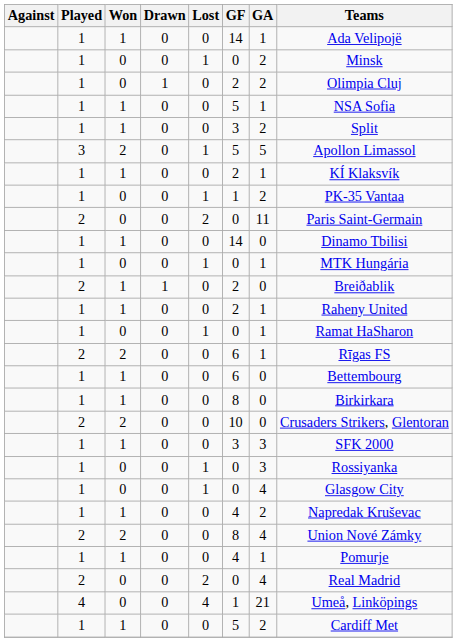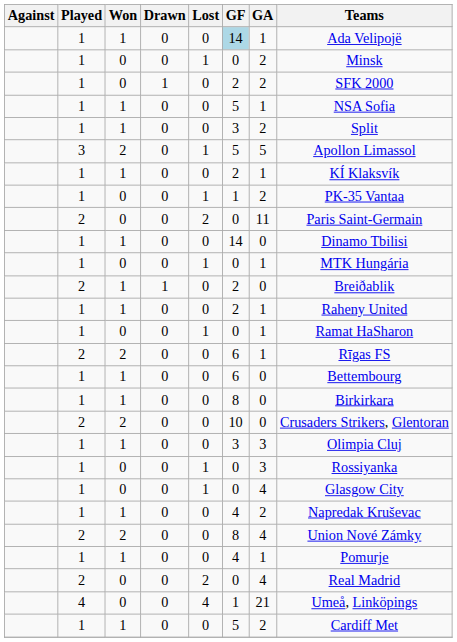 <table class="wikitable sortable" style="font-size:100%; text-align:center;">
 <tr>
 <th>Against</th>
 <th>Played</th>
 <th>Won</th>
 <th>Drawn</th>
 <th>Lost</th>
 <th>GF</th>
 <th>GA</th>
 <th>Teams</th>
 </tr>
 <tr>
 <td style="text-align:left;"></td>
 <td>1</td>
 <td>1</td>
 <td>0</td>
 <td>0</td>
-<td>14</td>
+<td style="background: lightblue;">14</td>
 <td>1</td>
 <td><a href='#'>Ada Velipojë</a></td>
 </tr>
 <tr>
 <td style="text-align:left;"></td>
 <td>1</td>
 <td>0</td>
 <td>0</td>
 <td>1</td>
 <td>0</td>
 <td>2</td>
 <td><a href='#'>Minsk</a></td>
 </tr>
 <tr>
 <td style="text-align:left;"></td>
 <td>1</td>
 <td>0</td>
 <td>1</td>
 <td>0</td>
 <td>2</td>
 <td>2</td>
-<td><a href='#'>Olimpia Cluj</a></td>
+<td><a href='#'>SFK 2000</a></td>
 </tr>
 <tr>
 <td style="text-align:left;"></td>
 <td>1</td>
 <td>1</td>
 <td>0</td>
 <td>0</td>
 <td>5</td>
 <td>1</td>
 <td><a href='#'>NSA Sofia</a></td>
 </tr>
 <tr>
 <td style="text-align:left;"></td>
 <td>1</td>
 <td>1</td>
 <td>0</td>
 <td>0</td>
 <td>3</td>
 <td>2</td>
 <td><a href='#'>Split</a></td>
 </tr>
 <tr>
 <td style="text-align:left;"></td>
 <td>3</td>
 <td>2</td>
 <td>0</td>
 <td>1</td>
 <td>5</td>
 <td>5</td>
 <td><a href='#'>Apollon Limassol</a></td>
 </tr>
 <tr>
 <td style="text-align:left;"></td>
 <td>1</td>
 <td>1</td>
 <td>0</td>
 <td>0</td>
 <td>2</td>
 <td>1</td>
 <td><a href='#'>KÍ Klaksvík</a></td>
 </tr>
 <tr>
 <td style="text-align:left;"></td>
 <td>1</td>
 <td>0</td>
 <td>0</td>
 <td>1</td>
 <td>1</td>
 <td>2</td>
 <td><a href='#'>PK-35 Vantaa</a></td>
 </tr>
 <tr>
 <td style="text-align:left;"></td>
 <td>2</td>
 <td>0</td>
 <td>0</td>
 <td>2</td>
 <td>0</td>
 <td>11</td>
 <td><a href='#'>Paris Saint-Germain</a></td>
 </tr>
 <tr>
 <td style="text-align:left;"></td>
 <td>1</td>
 <td>1</td>
 <td>0</td>
 <td>0</td>
 <td>14</td>
 <td>0</td>
 <td><a href='#'>Dinamo Tbilisi</a></td>
 </tr>
 <tr>
 <td style="text-align:left;"></td>
 <td>1</td>
 <td>0</td>
 <td>0</td>
 <td>1</td>
 <td>0</td>
 <td>1</td>
 <td><a href='#'>MTK Hungária</a></td>
 </tr>
 <tr>
 <td style="text-align:left;"></td>
 <td>2</td>
 <td>1</td>
 <td>1</td>
 <td>0</td>
 <td>2</td>
 <td>0</td>
 <td><a href='#'>Breiðablik</a></td>
 </tr>
 <tr>
 <td style="text-align:left;"></td>
 <td>1</td>
 <td>1</td>
 <td>0</td>
 <td>0</td>
 <td>2</td>
 <td>1</td>
 <td><a href='#'>Raheny United</a></td>
 </tr>
 <tr>
 <td style="text-align:left;"></td>
 <td>1</td>
 <td>0</td>
 <td>0</td>
 <td>1</td>
 <td>0</td>
 <td>1</td>
 <td><a href='#'>Ramat HaSharon</a></td>
 </tr>
 <tr>
 <td style="text-align:left;"></td>
 <td>2</td>
 <td>2</td>
 <td>0</td>
 <td>0</td>
 <td>6</td>
 <td>1</td>
 <td><a href='#'>Rīgas FS</a></td>
 </tr>
 <tr>
 <td style="text-align:left;"></td>
 <td>1</td>
 <td>1</td>
 <td>0</td>
 <td>0</td>
 <td>6</td>
 <td>0</td>
 <td><a href='#'>Bettembourg</a></td>
 </tr>
 <tr>
 <td style="text-align:left;"></td>
 <td>1</td>
 <td>1</td>
 <td>0</td>
 <td>0</td>
 <td>8</td>
 <td>0</td>
 <td><a href='#'>Birkirkara</a></td>
 </tr>
 <tr>
 <td style="text-align:left;"></td>
 <td>2</td>
 <td>2</td>
 <td>0</td>
 <td>0</td>
 <td>10</td>
 <td>0</td>
 <td><a href='#'>Crusaders Strikers</a>, <a href='#'>Glentoran</a></td>
 </tr>
 <tr>
 <td style="text-align:left;"></td>
 <td>1</td>
 <td>1</td>
 <td>0</td>
 <td>0</td>
 <td>3</td>
 <td>3</td>
-<td><a href='#'>SFK 2000</a></td>
+<td><a href='#'>Olimpia Cluj</a></td>
 </tr>
 <tr>
 <td style="text-align:left;"></td>
 <td>1</td>
 <td>0</td>
 <td>0</td>
 <td>1</td>
 <td>0</td>
 <td>3</td>
 <td><a href='#'>Rossiyanka</a></td>
 </tr>
 <tr>
 <td style="text-align:left;"></td>
 <td>1</td>
 <td>0</td>
 <td>0</td>
 <td>1</td>
 <td>0</td>
 <td>4</td>
 <td><a href='#'>Glasgow City</a></td>
 </tr>
 <tr>
 <td style="text-align:left;"></td>
 <td>1</td>
 <td>1</td>
 <td>0</td>
 <td>0</td>
 <td>4</td>
 <td>2</td>
 <td><a href='#'>Napredak Kruševac</a></td>
 </tr>
 <tr>
 <td style="text-align:left;"></td>
 <td>2</td>
 <td>2</td>
 <td>0</td>
 <td>0</td>
 <td>8</td>
 <td>4</td>
 <td><a href='#'>Union Nové Zámky</a></td>
 </tr>
 <tr>
 <td style="text-align:left;"></td>
 <td>1</td>
 <td>1</td>
 <td>0</td>
 <td>0</td>
 <td>4</td>
 <td>1</td>
 <td><a href='#'>Pomurje</a></td>
 </tr>
 <tr>
 <td style="text-align:left;"></td>
 <td>2</td>
 <td>0</td>
 <td>0</td>
 <td>2</td>
 <td>0</td>
 <td>4</td>
 <td><a href='#'>Real Madrid</a></td>
 </tr>
 <tr>
 <td style="text-align:left;"></td>
 <td>4</td>
 <td>0</td>
 <td>0</td>
 <td>4</td>
 <td>1</td>
 <td>21</td>
 <td><a href='#'>Umeå</a>, <a href='#'>Linköpings</a></td>
 </tr>
 <tr>
 <td style="text-align:left;"></td>
 <td>1</td>
 <td>1</td>
 <td>0</td>
 <td>0</td>
 <td>5</td>
 <td>2</td>
 <td><a href='#'>Cardiff Met</a></td>
 </tr>
 <tr>
 </tr>
 </table>
